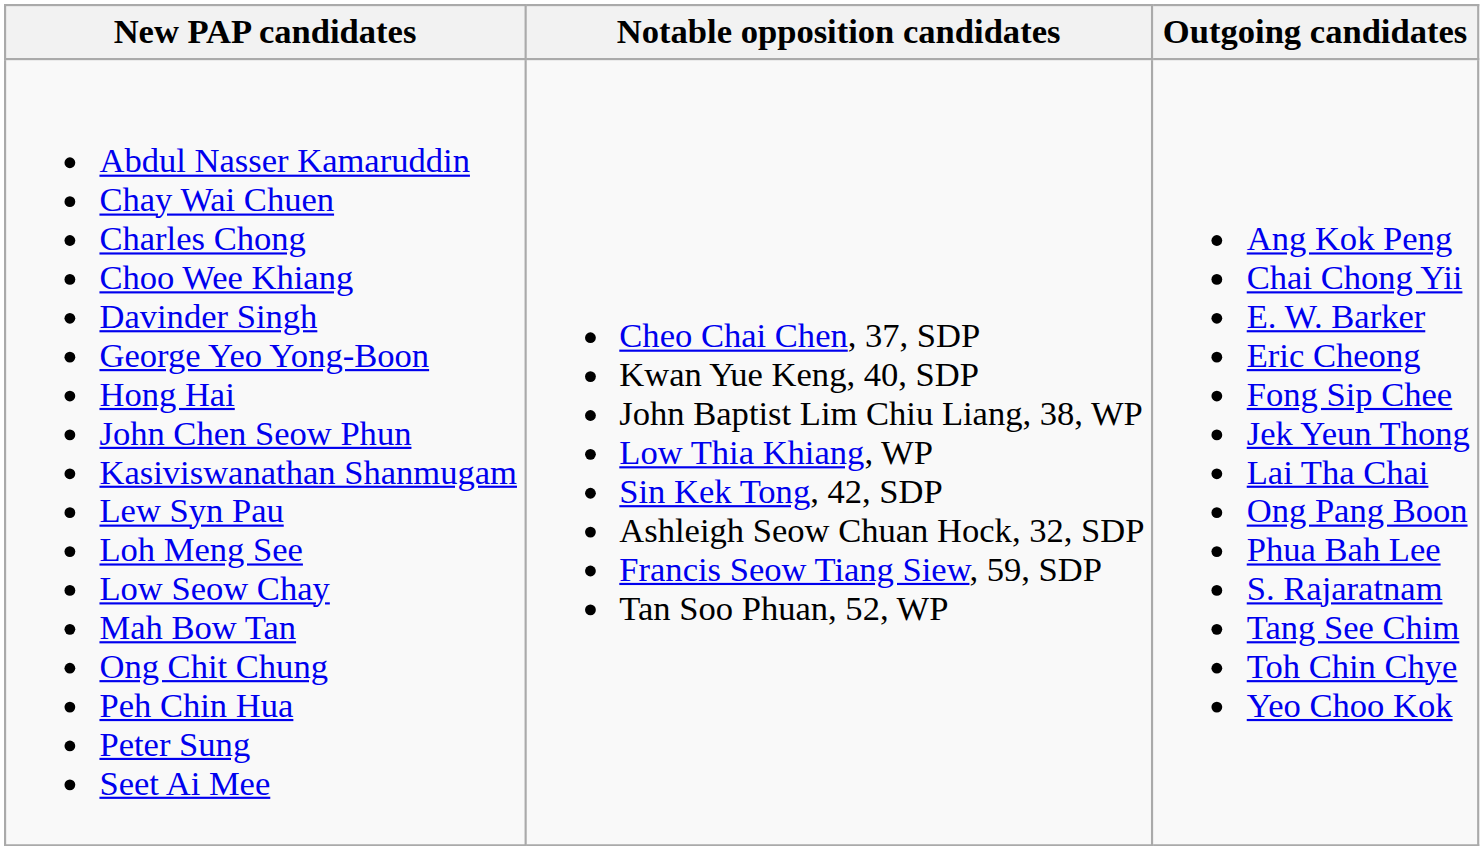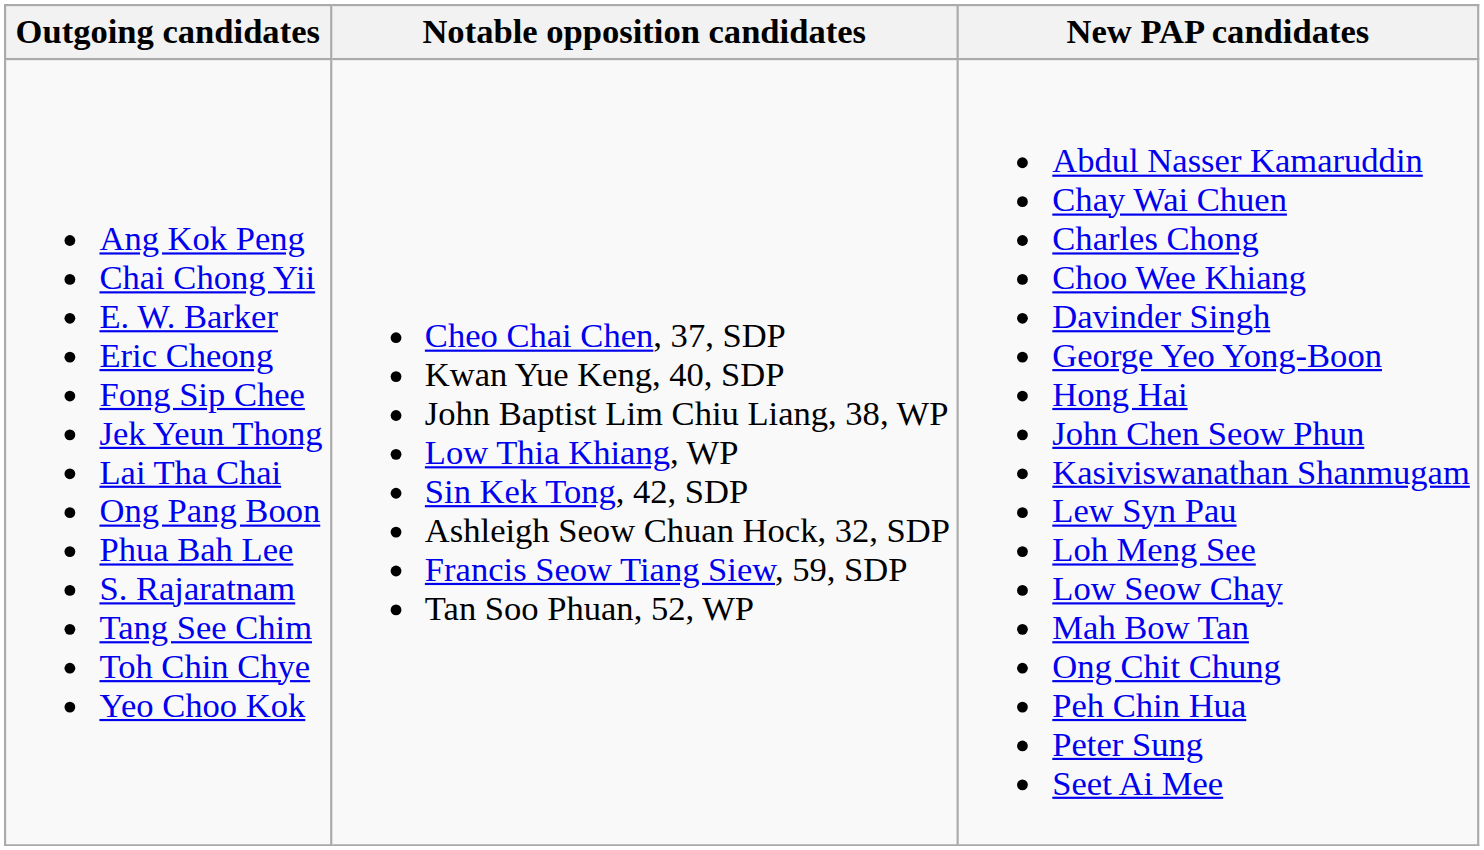 <table class="wikitable">
 <tr>
+<th>Outgoing candidates</th>
+<th>Notable opposition candidates</th>
 <th>New PAP candidates</th>
-<th>Notable opposition candidates</th>
-<th>Outgoing candidates</th>
 </tr>
 <tr>
+<td><br><ul><li><a href='#'>Ang Kok Peng</a></li><li><a href='#'>Chai Chong Yii</a></li><li><a href='#'>E. W. Barker</a></li><li><a href='#'>Eric Cheong</a></li><li><a href='#'>Fong Sip Chee</a></li><li><a href='#'>Jek Yeun Thong</a></li><li><a href='#'>Lai Tha Chai</a></li><li><a href='#'>Ong Pang Boon</a></li><li><a href='#'>Phua Bah Lee</a></li><li><a href='#'>S. Rajaratnam</a></li><li><a href='#'>Tang See Chim</a></li><li><a href='#'>Toh Chin Chye</a></li><li><a href='#'>Yeo Choo Kok</a></li></ul></td>
+<td><br><ul><li><a href='#'>Cheo Chai Chen</a>, 37, SDP</li><li>Kwan Yue Keng, 40, SDP</li><li>John Baptist Lim Chiu Liang, 38, WP</li><li><a href='#'>Low Thia Khiang</a>, WP</li><li><a href='#'>Sin Kek Tong</a>, 42, SDP</li><li>Ashleigh Seow Chuan Hock, 32, SDP</li><li><a href='#'>Francis Seow Tiang Siew</a>, 59, SDP</li><li>Tan Soo Phuan, 52, WP</li></ul></td>
 <td><br><ul><li><a href='#'>Abdul Nasser Kamaruddin</a></li><li><a href='#'>Chay Wai Chuen</a></li><li><a href='#'>Charles Chong</a></li><li><a href='#'>Choo Wee Khiang</a></li><li><a href='#'>Davinder Singh</a></li><li><a href='#'>George Yeo Yong-Boon</a></li><li><a href='#'>Hong Hai</a></li><li><a href='#'>John Chen Seow Phun</a></li><li><a href='#'>Kasiviswanathan Shanmugam</a></li><li><a href='#'>Lew Syn Pau</a></li><li><a href='#'>Loh Meng See</a></li><li><a href='#'>Low Seow Chay</a></li><li><a href='#'>Mah Bow Tan</a></li><li><a href='#'>Ong Chit Chung</a></li><li><a href='#'>Peh Chin Hua</a></li><li><a href='#'>Peter Sung</a></li><li><a href='#'>Seet Ai Mee</a></li></ul></td>
-<td><br><ul><li><a href='#'>Cheo Chai Chen</a>, 37, SDP</li><li>Kwan Yue Keng, 40, SDP</li><li>John Baptist Lim Chiu Liang, 38, WP</li><li><a href='#'>Low Thia Khiang</a>, WP</li><li><a href='#'>Sin Kek Tong</a>, 42, SDP</li><li>Ashleigh Seow Chuan Hock, 32, SDP</li><li><a href='#'>Francis Seow Tiang Siew</a>, 59, SDP</li><li>Tan Soo Phuan, 52, WP</li></ul></td>
-<td><br><ul><li><a href='#'>Ang Kok Peng</a></li><li><a href='#'>Chai Chong Yii</a></li><li><a href='#'>E. W. Barker</a></li><li><a href='#'>Eric Cheong</a></li><li><a href='#'>Fong Sip Chee</a></li><li><a href='#'>Jek Yeun Thong</a></li><li><a href='#'>Lai Tha Chai</a></li><li><a href='#'>Ong Pang Boon</a></li><li><a href='#'>Phua Bah Lee</a></li><li><a href='#'>S. Rajaratnam</a></li><li><a href='#'>Tang See Chim</a></li><li><a href='#'>Toh Chin Chye</a></li><li><a href='#'>Yeo Choo Kok</a></li></ul></td>
 </tr>
 </table>
